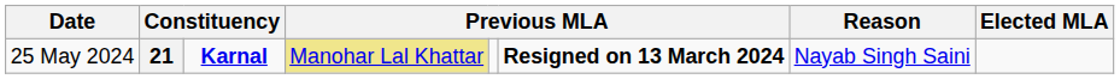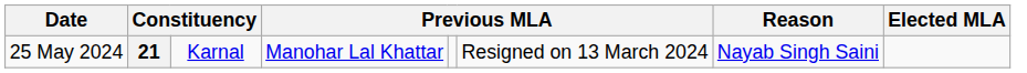 <table class="wikitable sortable" style="text-align:center;">
 <tr>
 <th>Date</th>
 <th colspan="2">Constituency</th>
 <th colspan="3">Previous MLA</th>
 <th>Reason</th>
 <th colspan="3">Elected MLA</th>
 </tr>
 <tr>
 <td>25 May 2024</td>
 <th>21</th>
-<td><strong><a href='#'>Karnal</a></strong></td>
-<td style="background: khaki;"><a href='#'>Manohar Lal Khattar</a></td>
+<td><a href='#'>Karnal</a></td>
+<td><a href='#'>Manohar Lal Khattar</a></td>
 <td></td>
-<td><strong>Resigned on 13 March 2024</strong></td>
+<td>Resigned on 13 March 2024</td>
 <td><a href='#'>Nayab Singh Saini</a></td>
 <td></td>
 </tr>
 </table>
